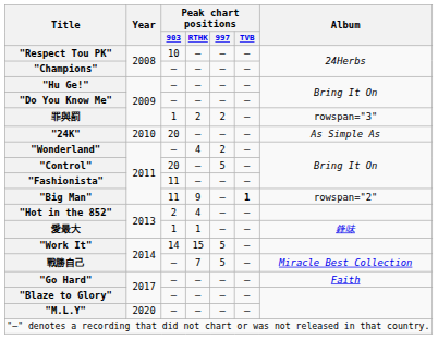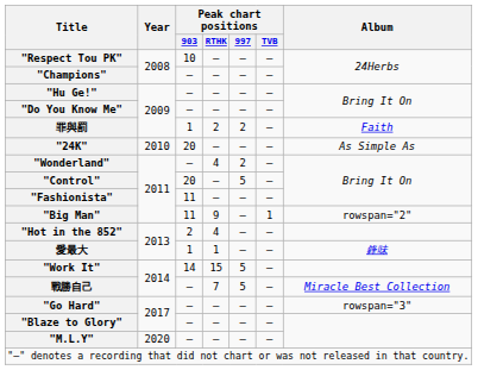 <table class="wikitable plainrowheaders" style="text-align:center;">
 <tr>
 <th scope="col" rowspan="2">Title</th>
 <th scope="col" rowspan="2">Year</th>
 <th scope="col" colspan="4">Peak chart positions</th>
 <th scope="col" rowspan="2">Album</th>
 </tr>
 <tr>
 <th style="width:2.5em; font-size:85%"><a href='#'>903</a></th>
 <th style="width:2.5em; font-size:85%"><a href='#'>RTHK</a></th>
 <th style="width:2.5em; font-size:85%"><a href='#'>997</a></th>
 <th style="width:2.5em; font-size:85%"><a href='#'>TVB</a></th>
 </tr>
 <tr>
 <th scope="row">"Respect Tou PK"</th>
 <td rowspan="2">2008</td>
 <td>10</td>
 <td>—</td>
 <td>—</td>
 <td>—</td>
 <td rowspan="2"><em>24Herbs</em></td>
 </tr>
 <tr>
 <th scope="row">"Champions"</th>
 <td>—</td>
 <td>—</td>
 <td>—</td>
 <td>—</td>
 </tr>
 <tr>
 <th scope="row">"Hu Ge!"</th>
 <td rowspan="3">2009</td>
 <td>—</td>
 <td>—</td>
 <td>—</td>
 <td>—</td>
 <td rowspan="2"><em>Bring It On</em></td>
 </tr>
 <tr>
 <th scope="row">"Do You Know Me"</th>
 <td>—</td>
 <td>—</td>
 <td>—</td>
 <td>—</td>
 </tr>
 <tr>
 <th scope="row">罪與罰</th>
 <td>1</td>
 <td>2</td>
 <td>2</td>
 <td>—</td>
-<td>rowspan="3" </td>
+<td><em><a href='#'>Faith</a></em></td>
 </tr>
 <tr>
 <th scope="row">"24K"</th>
 <td>2010</td>
 <td>20</td>
 <td>—</td>
 <td>—</td>
 <td>—</td>
 <td><em>As Simple As</em></td>
 </tr>
 <tr>
 <th scope="row">"Wonderland"</th>
 <td rowspan="4">2011</td>
 <td>—</td>
 <td>4</td>
 <td>2</td>
 <td>—</td>
 <td rowspan="3"><em>Bring It On</em></td>
 </tr>
 <tr>
 <th scope="row">"Control"</th>
 <td>20</td>
 <td>—</td>
 <td>5</td>
 <td>—</td>
 </tr>
 <tr>
 <th scope="row">"Fashionista"</th>
 <td>11</td>
 <td>—</td>
 <td>—</td>
 <td>—</td>
 </tr>
 <tr>
 <th scope="row">"Big Man"</th>
 <td>11</td>
 <td>9</td>
 <td>—</td>
-<td><strong>1</strong></td>
+<td>1</td>
 <td>rowspan="2" </td>
 </tr>
 <tr>
 <th scope="row">"Hot in the 852"</th>
 <td rowspan="2">2013</td>
 <td>2</td>
 <td>4</td>
 <td>—</td>
 <td>—</td>
 </tr>
 <tr>
 <th scope="row">愛最大</th>
 <td>1</td>
 <td>1</td>
 <td>—</td>
 <td>—</td>
 <td><em><a href='#'>鋒味</a></em></td>
 </tr>
 <tr>
 <th scope="row">"Work It"</th>
 <td rowspan="2">2014</td>
 <td>14</td>
 <td>15</td>
 <td>5</td>
 <td>—</td>
 <td></td>
 </tr>
 <tr>
 <th scope="row">戰勝自己</th>
 <td>—</td>
 <td>7</td>
 <td>5</td>
 <td>—</td>
 <td><em><a href='#'>Miracle Best Collection</a></em></td>
 </tr>
 <tr>
 <th scope="row">"Go Hard"</th>
 <td rowspan="2">2017</td>
 <td>—</td>
 <td>—</td>
 <td>—</td>
 <td>—</td>
-<td><em><a href='#'>Faith</a></em></td>
+<td>rowspan="3" </td>
 </tr>
 <tr>
 <th scope="row">"Blaze to Glory"</th>
 <td>—</td>
 <td>—</td>
 <td>—</td>
 <td>—</td>
 </tr>
 <tr>
 <th scope="row">"M.L.Y"</th>
 <td>2020</td>
 <td>—</td>
 <td>—</td>
 <td>—</td>
 <td>—</td>
 </tr>
 <tr>
 <td colspan="8" style="font-size:9pt">"—" denotes a recording that did not chart or was not released in that country.</td>
 </tr>
 </table>
